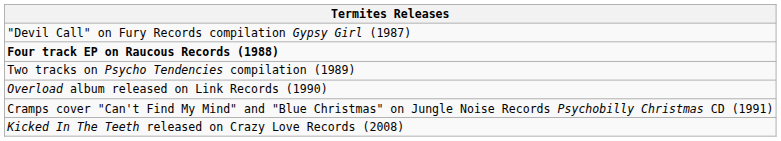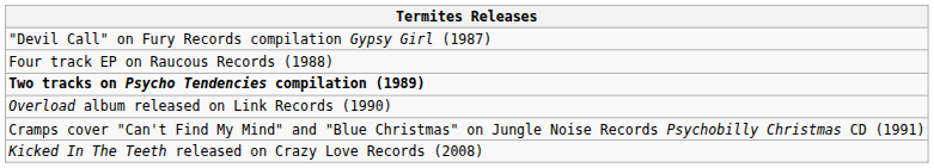 <table class="wikitable">
 <tr>
 <th>Termites Releases</th>
 </tr>
 <tr>
 <td>"Devil Call" on Fury Records compilation <em>Gypsy Girl</em> (1987)</td>
 </tr>
 <tr>
-<td><strong>Four track EP on Raucous Records (1988)</strong></td>
+<td>Four track EP on Raucous Records (1988)</td>
 </tr>
 <tr>
-<td>Two tracks on <em>Psycho Tendencies</em> compilation (1989)</td>
+<td><strong>Two tracks on <em>Psycho Tendencies</em> compilation (1989)</strong></td>
 </tr>
 <tr>
 <td><em>Overload</em> album released on Link Records (1990)</td>
 </tr>
 <tr>
 <td>Cramps cover "Can't Find My Mind" and "Blue Christmas" on Jungle Noise Records <em>Psychobilly Christmas</em> CD (1991)</td>
 </tr>
 <tr>
 <td><em>Kicked In The Teeth</em> released on Crazy Love Records (2008)</td>
 </tr>
 </table>
